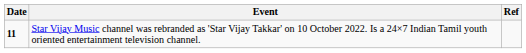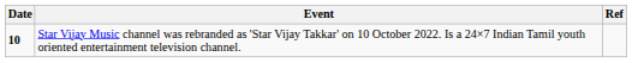 <table class="wikitable" width="65%">
 <tr>
 <th>Date</th>
 <th>Event</th>
 <th>Ref</th>
 </tr>
 <tr>
-<td><strong>11</strong></td>
+<td><strong>10</strong></td>
 <td><a href='#'>Star Vijay Music</a> channel was rebranded as 'Star Vijay Takkar' on 10 October 2022. Is a 24×7 Indian Tamil youth oriented entertainment television channel.</td>
 <td></td>
 </tr>
 </table>
